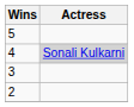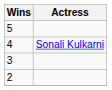 <table class="wikitable">
 <tr>
 <th scope="col">Wins</th>
 <th scope="col">Actress</th>
 </tr>
 <tr>
 <td>5</td>
 <td></td>
 </tr>
 <tr>
 <td>4</td>
-<td style="background: lightgrey;"><a href='#'>Sonali Kulkarni</a></td>
+<td><a href='#'>Sonali Kulkarni</a></td>
 </tr>
 <tr>
 <td>3</td>
 <td></td>
 </tr>
 <tr>
 <td>2</td>
 <td></td>
 </tr>
 <tr>
 </tr>
 </table>
